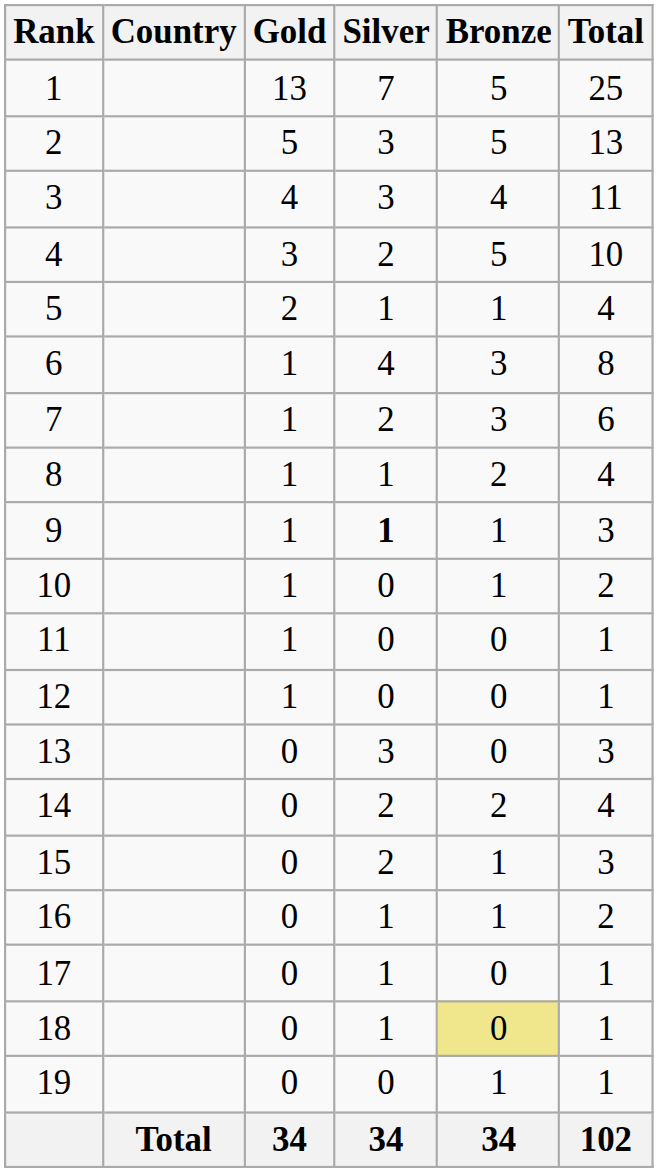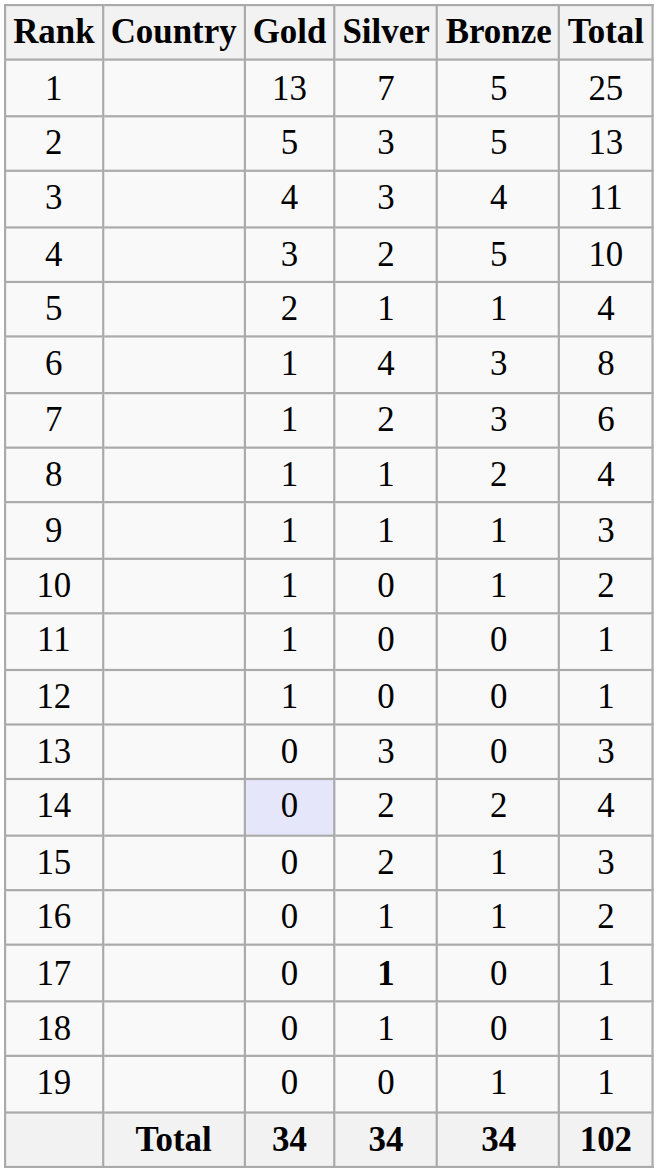 <table class="wikitable sortable" style="text-align: center;">
 <tr>
 <th>Rank</th>
 <th>Country</th>
 <th> Gold</th>
 <th> Silver</th>
 <th> Bronze</th>
 <th>Total</th>
 </tr>
 <tr>
 <td>1</td>
 <td style="text-align: left;"></td>
 <td>13</td>
 <td>7</td>
 <td>5</td>
 <td>25</td>
 </tr>
 <tr>
 <td>2</td>
 <td style="text-align: left;"></td>
 <td>5</td>
 <td>3</td>
 <td>5</td>
 <td>13</td>
 </tr>
 <tr>
 <td>3</td>
 <td style="text-align: left;"></td>
 <td>4</td>
 <td>3</td>
 <td>4</td>
 <td>11</td>
 </tr>
 <tr>
 <td>4</td>
 <td style="text-align: left;"></td>
 <td>3</td>
 <td>2</td>
 <td>5</td>
 <td>10</td>
 </tr>
 <tr>
 <td>5</td>
 <td style="text-align: left;"></td>
 <td>2</td>
 <td>1</td>
 <td>1</td>
 <td>4</td>
 </tr>
 <tr>
 <td>6</td>
 <td style="text-align: left;"></td>
 <td>1</td>
 <td>4</td>
 <td>3</td>
 <td>8</td>
 </tr>
 <tr>
 <td>7</td>
 <td style="text-align: left;"></td>
 <td>1</td>
 <td>2</td>
 <td>3</td>
 <td>6</td>
 </tr>
 <tr>
 <td>8</td>
 <td style="text-align: left;"></td>
 <td>1</td>
 <td>1</td>
 <td>2</td>
 <td>4</td>
 </tr>
 <tr>
 <td>9</td>
 <td style="text-align: left;"></td>
 <td>1</td>
-<td><strong>1</strong></td>
+<td>1</td>
 <td>1</td>
 <td>3</td>
 </tr>
 <tr>
 <td>10</td>
 <td style="text-align: left;"></td>
 <td>1</td>
 <td>0</td>
 <td>1</td>
 <td>2</td>
 </tr>
 <tr>
 <td>11</td>
 <td style="text-align: left;"></td>
 <td>1</td>
 <td>0</td>
 <td>0</td>
 <td>1</td>
 </tr>
 <tr>
 <td>12</td>
 <td style="text-align: left;"></td>
 <td>1</td>
 <td>0</td>
 <td>0</td>
 <td>1</td>
 </tr>
 <tr>
 <td>13</td>
 <td style="text-align: left;"></td>
 <td>0</td>
 <td>3</td>
 <td>0</td>
 <td>3</td>
 </tr>
 <tr>
 <td>14</td>
 <td style="text-align: left;"></td>
-<td>0</td>
+<td style="background: lavender;">0</td>
 <td>2</td>
 <td>2</td>
 <td>4</td>
 </tr>
 <tr>
 <td>15</td>
 <td style="text-align: left;"></td>
 <td>0</td>
 <td>2</td>
 <td>1</td>
 <td>3</td>
 </tr>
 <tr>
 <td>16</td>
 <td style="text-align: left;"></td>
 <td>0</td>
 <td>1</td>
 <td>1</td>
 <td>2</td>
 </tr>
 <tr>
 <td>17</td>
 <td style="text-align: left;"></td>
 <td>0</td>
-<td>1</td>
+<td><strong>1</strong></td>
 <td>0</td>
 <td>1</td>
 </tr>
 <tr>
 <td>18</td>
 <td style="text-align: left;"></td>
 <td>0</td>
 <td>1</td>
-<td style="background: khaki;">0</td>
+<td>0</td>
 <td>1</td>
 </tr>
 <tr>
 <td>19</td>
 <td style="text-align: left;"></td>
 <td>0</td>
 <td>0</td>
 <td>1</td>
 <td>1</td>
 </tr>
 <tr>
 <th></th>
 <th>Total</th>
 <th>34</th>
 <th>34</th>
 <th>34</th>
 <th>102</th>
 </tr>
 <tr>
 </tr>
 </table>
